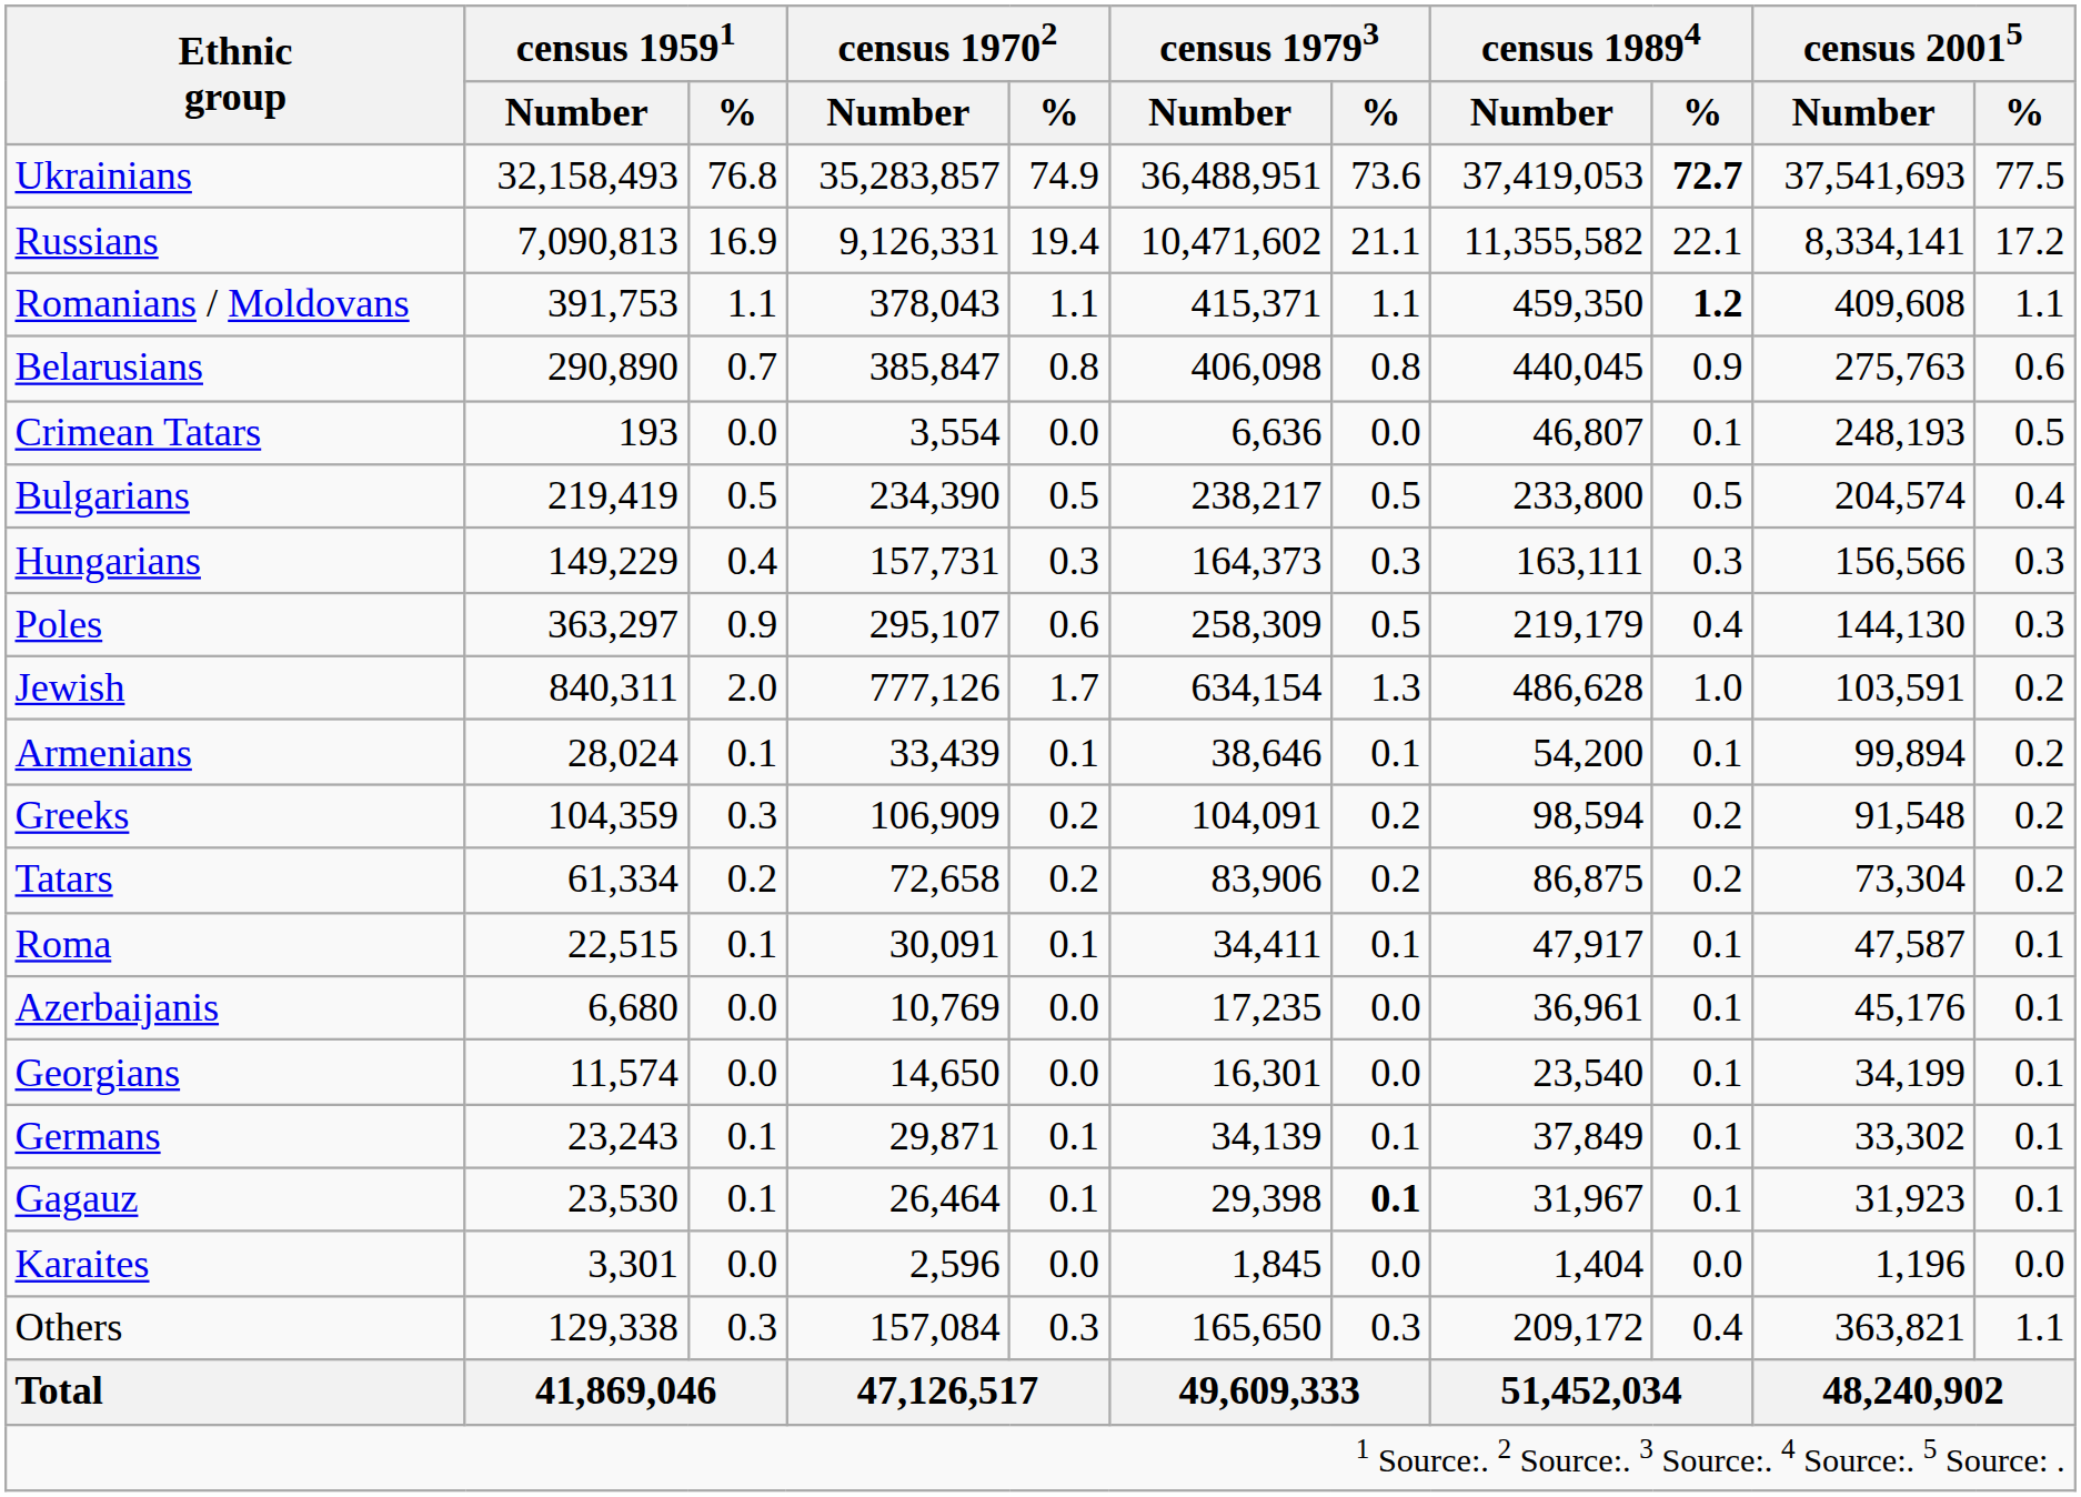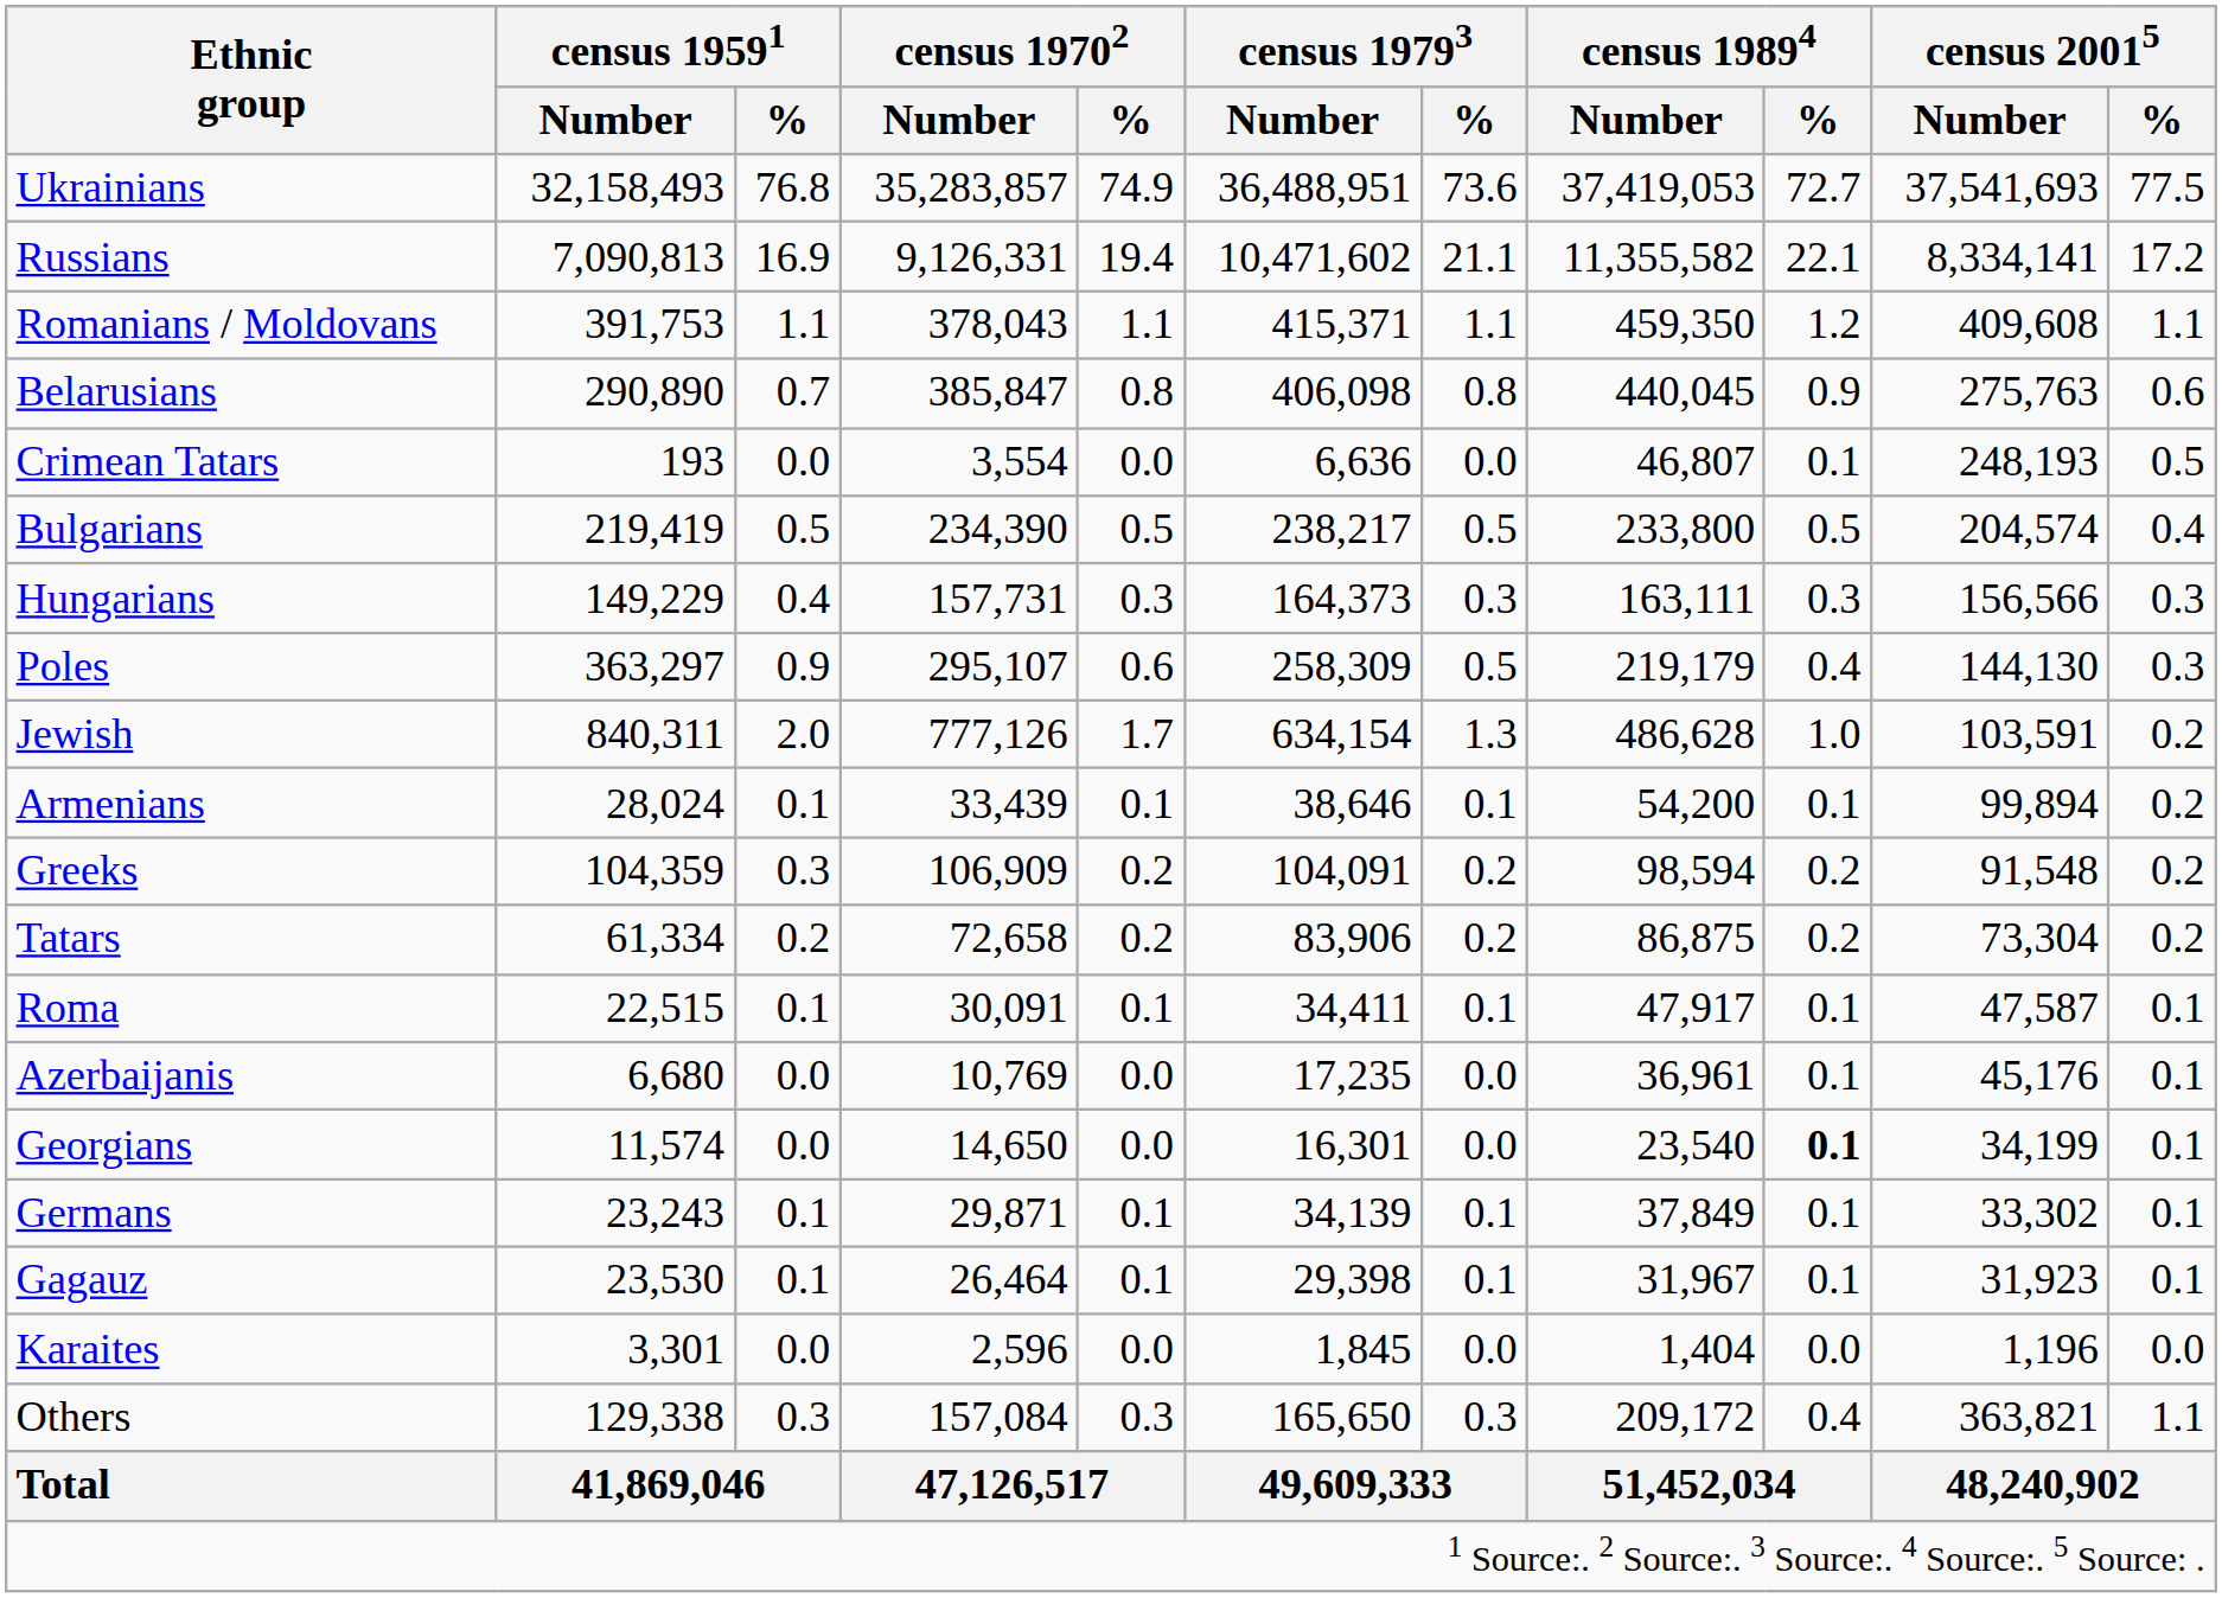 <table class="wikitable" style="text-align:right;width: 65%">
 <tr style="background:#e0e0e0;">
 <th rowspan="2">Ethnic<br>group</th>
 <th colspan="2">census 1959<sup>1</sup></th>
 <th colspan="2">census 1970<sup>2</sup></th>
 <th colspan="2">census 1979<sup>3</sup></th>
 <th colspan="2">census 1989<sup>4</sup></th>
 <th colspan="2">census 2001<sup>5</sup></th>
 </tr>
 <tr style="background:#e0e0e0;">
 <th>Number</th>
 <th>%</th>
 <th>Number</th>
 <th>%</th>
 <th>Number</th>
 <th>%</th>
 <th>Number</th>
 <th>%</th>
 <th>Number</th>
 <th>%</th>
 </tr>
 <tr>
 <td style="text-align:left;"><a href='#'>Ukrainians</a></td>
 <td>32,158,493</td>
 <td>76.8</td>
 <td>35,283,857</td>
 <td>74.9</td>
 <td>36,488,951</td>
 <td>73.6</td>
 <td>37,419,053</td>
-<td><strong>72.7</strong></td>
+<td>72.7</td>
 <td>37,541,693</td>
 <td>77.5</td>
 </tr>
 <tr>
 <td style="text-align:left;"><a href='#'>Russians</a></td>
 <td>7,090,813</td>
 <td>16.9</td>
 <td>9,126,331</td>
 <td>19.4</td>
 <td>10,471,602</td>
 <td>21.1</td>
 <td>11,355,582</td>
 <td>22.1</td>
 <td>8,334,141</td>
 <td>17.2</td>
 </tr>
 <tr>
 <td style="text-align:left;"><a href='#'>Romanians</a> / <a href='#'>Moldovans</a></td>
 <td>391,753</td>
 <td>1.1</td>
 <td>378,043</td>
 <td>1.1</td>
 <td>415,371</td>
 <td>1.1</td>
 <td>459,350</td>
-<td><strong>1.2</strong></td>
+<td>1.2</td>
 <td>409,608</td>
 <td>1.1</td>
 </tr>
 <tr>
 <td style="text-align:left;"><a href='#'>Belarusians</a></td>
 <td>290,890</td>
 <td>0.7</td>
 <td>385,847</td>
 <td>0.8</td>
 <td>406,098</td>
 <td>0.8</td>
 <td>440,045</td>
 <td>0.9</td>
 <td>275,763</td>
 <td>0.6</td>
 </tr>
 <tr>
 <td style="text-align:left;"><a href='#'>Crimean Tatars</a></td>
 <td>193</td>
 <td>0.0</td>
 <td>3,554</td>
 <td>0.0</td>
 <td>6,636</td>
 <td>0.0</td>
 <td>46,807</td>
 <td>0.1</td>
 <td>248,193</td>
 <td>0.5</td>
 </tr>
 <tr>
 <td style="text-align:left;"><a href='#'>Bulgarians</a></td>
 <td>219,419</td>
 <td>0.5</td>
 <td>234,390</td>
 <td>0.5</td>
 <td>238,217</td>
 <td>0.5</td>
 <td>233,800</td>
 <td>0.5</td>
 <td>204,574</td>
 <td>0.4</td>
 </tr>
 <tr>
 <td style="text-align:left;"><a href='#'>Hungarians</a></td>
 <td>149,229</td>
 <td>0.4</td>
 <td>157,731</td>
 <td>0.3</td>
 <td>164,373</td>
 <td>0.3</td>
 <td>163,111</td>
 <td>0.3</td>
 <td>156,566</td>
 <td>0.3</td>
 </tr>
 <tr>
 <td style="text-align:left;"><a href='#'>Poles</a></td>
 <td>363,297</td>
 <td>0.9</td>
 <td>295,107</td>
 <td>0.6</td>
 <td>258,309</td>
 <td>0.5</td>
 <td>219,179</td>
 <td>0.4</td>
 <td>144,130</td>
 <td>0.3</td>
 </tr>
 <tr>
 <td style="text-align:left;"><a href='#'>Jewish</a></td>
 <td>840,311</td>
 <td>2.0</td>
 <td>777,126</td>
 <td>1.7</td>
 <td>634,154</td>
 <td>1.3</td>
 <td>486,628</td>
 <td>1.0</td>
 <td>103,591</td>
 <td>0.2</td>
 </tr>
 <tr>
 <td style="text-align:left;"><a href='#'>Armenians</a></td>
 <td>28,024</td>
 <td>0.1</td>
 <td>33,439</td>
 <td>0.1</td>
 <td>38,646</td>
 <td>0.1</td>
 <td>54,200</td>
 <td>0.1</td>
 <td>99,894</td>
 <td>0.2</td>
 </tr>
 <tr>
 <td style="text-align:left;"><a href='#'>Greeks</a></td>
 <td>104,359</td>
 <td>0.3</td>
 <td>106,909</td>
 <td>0.2</td>
 <td>104,091</td>
 <td>0.2</td>
 <td>98,594</td>
 <td>0.2</td>
 <td>91,548</td>
 <td>0.2</td>
 </tr>
 <tr>
 <td style="text-align:left;"><a href='#'>Tatars</a></td>
 <td>61,334</td>
 <td>0.2</td>
 <td>72,658</td>
 <td>0.2</td>
 <td>83,906</td>
 <td>0.2</td>
 <td>86,875</td>
 <td>0.2</td>
 <td>73,304</td>
 <td>0.2</td>
 </tr>
 <tr>
 <td style="text-align:left;"><a href='#'>Roma</a></td>
 <td>22,515</td>
 <td>0.1</td>
 <td>30,091</td>
 <td>0.1</td>
 <td>34,411</td>
 <td>0.1</td>
 <td>47,917</td>
 <td>0.1</td>
 <td>47,587</td>
 <td>0.1</td>
 </tr>
 <tr>
 <td style="text-align:left;"><a href='#'>Azerbaijanis</a></td>
 <td>6,680</td>
 <td>0.0</td>
 <td>10,769</td>
 <td>0.0</td>
 <td>17,235</td>
 <td>0.0</td>
 <td>36,961</td>
 <td>0.1</td>
 <td>45,176</td>
 <td>0.1</td>
 </tr>
 <tr>
 <td style="text-align:left;"><a href='#'>Georgians</a></td>
 <td>11,574</td>
 <td>0.0</td>
 <td>14,650</td>
 <td>0.0</td>
 <td>16,301</td>
 <td>0.0</td>
 <td>23,540</td>
-<td>0.1</td>
+<td><strong>0.1</strong></td>
 <td>34,199</td>
 <td>0.1</td>
 </tr>
 <tr>
 <td style="text-align:left;"><a href='#'>Germans</a></td>
 <td>23,243</td>
 <td>0.1</td>
 <td>29,871</td>
 <td>0.1</td>
 <td>34,139</td>
 <td>0.1</td>
 <td>37,849</td>
 <td>0.1</td>
 <td>33,302</td>
 <td>0.1</td>
 </tr>
 <tr>
 <td style="text-align:left;"><a href='#'>Gagauz</a></td>
 <td>23,530</td>
 <td>0.1</td>
 <td>26,464</td>
 <td>0.1</td>
 <td>29,398</td>
-<td><strong>0.1</strong></td>
+<td>0.1</td>
 <td>31,967</td>
 <td>0.1</td>
 <td>31,923</td>
 <td>0.1</td>
 </tr>
 <tr>
 <td style="text-align:left;"><a href='#'>Karaites</a></td>
 <td>3,301</td>
 <td>0.0</td>
 <td>2,596</td>
 <td>0.0</td>
 <td>1,845</td>
 <td>0.0</td>
 <td>1,404</td>
 <td>0.0</td>
 <td>1,196</td>
 <td>0.0</td>
 </tr>
 <tr>
 <td style="text-align:left;">Others</td>
 <td>129,338</td>
 <td>0.3</td>
 <td>157,084</td>
 <td>0.3</td>
 <td>165,650</td>
 <td>0.3</td>
 <td>209,172</td>
 <td>0.4</td>
 <td>363,821</td>
 <td>1.1</td>
 </tr>
 <tr style="background:#e0e0e0;">
 <th style="text-align:left;">Total</th>
 <th colspan="2">41,869,046</th>
 <th colspan="2">47,126,517</th>
 <th colspan="2">49,609,333</th>
 <th colspan="2">51,452,034</th>
 <th colspan="2">48,240,902</th>
 </tr>
 <tr>
 <td colspan="11"><small><sup>1</sup> Source:. <sup>2</sup> Source:. <sup>3</sup> Source:. <sup>4</sup> Source:. <sup>5</sup> Source: . </small></td>
 </tr>
 </table>
